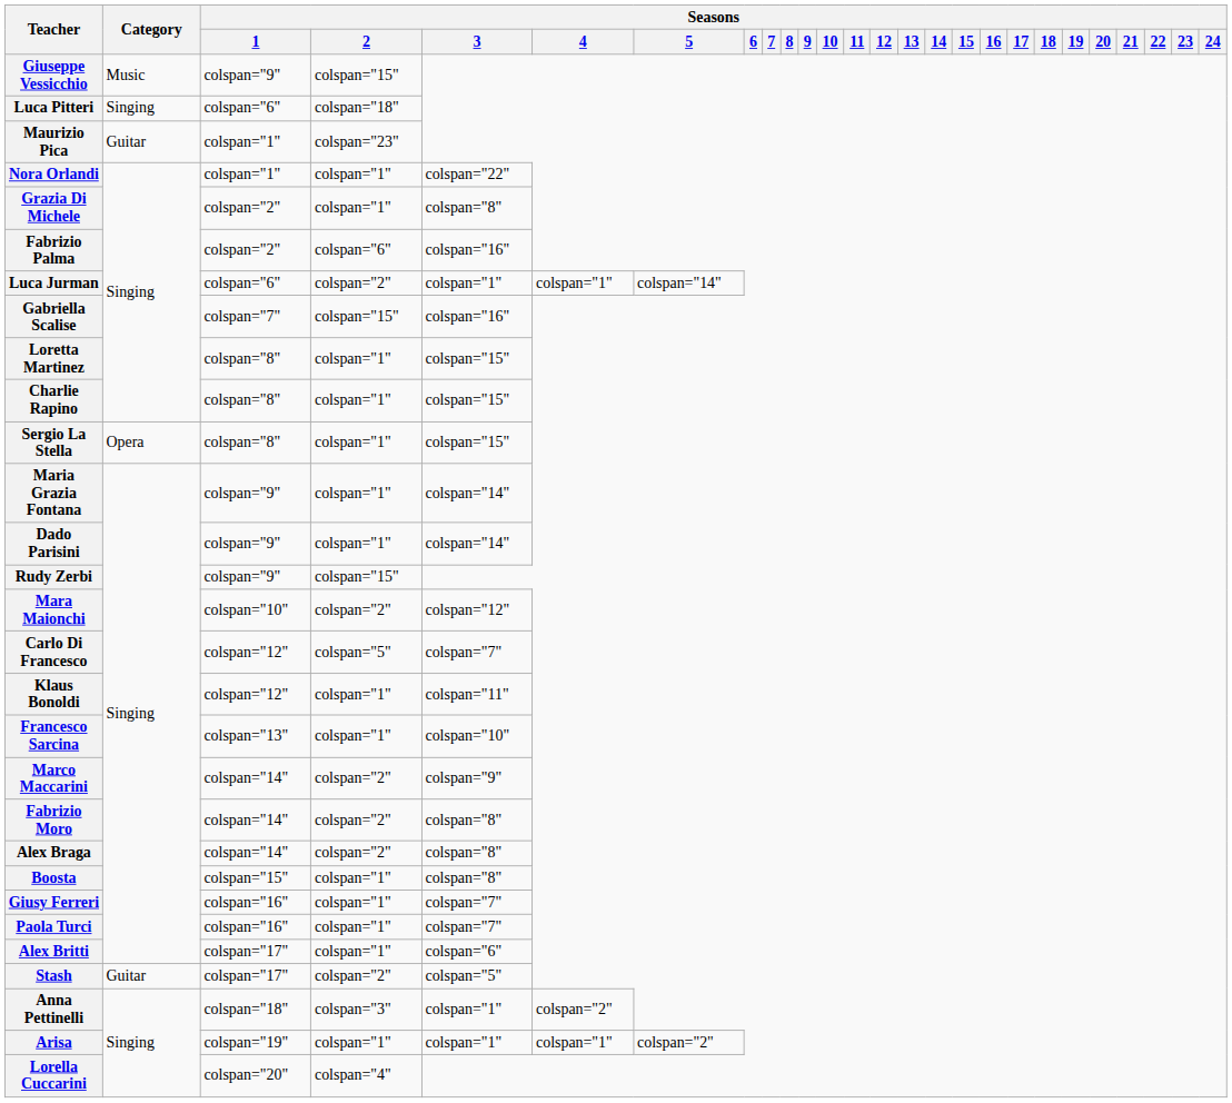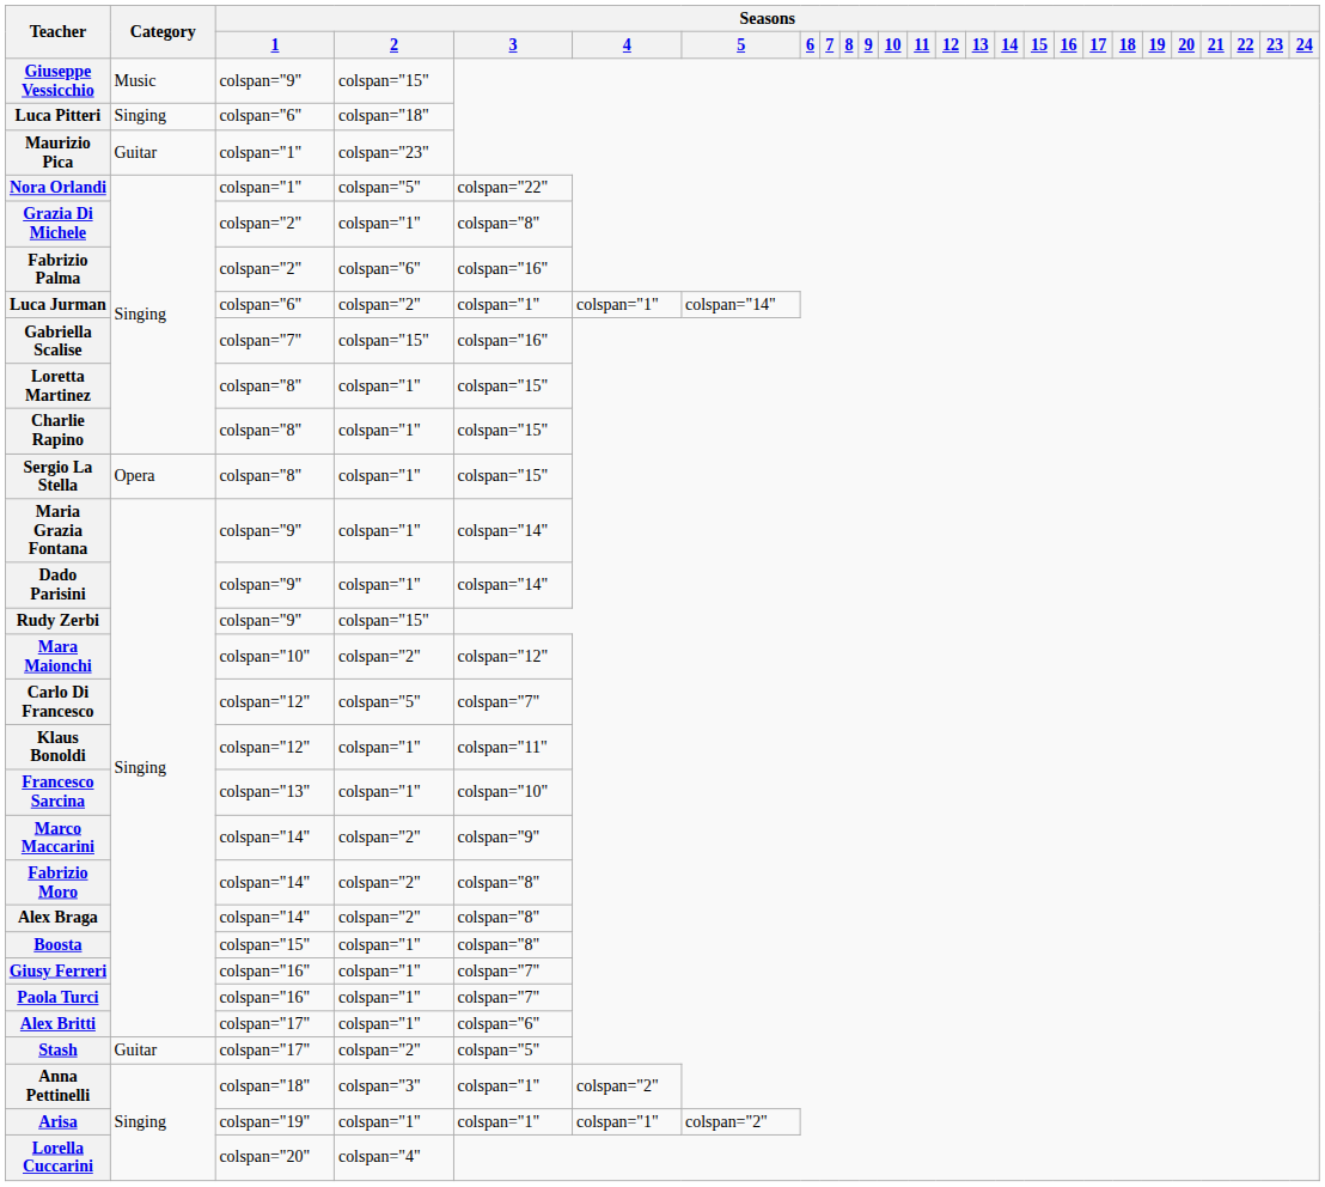 <table class="wikitable plainrowheaders collapsible mw-collapsible nowrap" style="width:100%" style="text-align:center">
 <tr>
 <th rowspan="2" style="width:08%">Teacher</th>
 <th rowspan="2" style="width:08%">Category</th>
 <th colspan="24">Seasons</th>
 </tr>
 <tr>
 <th><a href='#'>1</a></th>
 <th><a href='#'>2</a></th>
 <th><a href='#'>3</a></th>
 <th><a href='#'>4</a></th>
 <th><a href='#'>5</a></th>
 <th><a href='#'>6</a></th>
 <th><a href='#'>7</a></th>
 <th><a href='#'>8</a></th>
 <th><a href='#'>9</a></th>
 <th><a href='#'>10</a></th>
 <th><a href='#'>11</a></th>
 <th><a href='#'>12</a></th>
 <th><a href='#'>13</a></th>
 <th><a href='#'>14</a></th>
 <th><a href='#'>15</a></th>
 <th><a href='#'>16</a></th>
 <th><a href='#'>17</a></th>
 <th><a href='#'>18</a></th>
 <th><a href='#'>19</a></th>
 <th><a href='#'>20</a></th>
 <th><a href='#'>21</a></th>
 <th><a href='#'>22</a></th>
 <th><a href='#'>23</a></th>
 <th><a href='#'>24</a></th>
 </tr>
 <tr>
 <th scope=row><a href='#'>Giuseppe Vessicchio</a></th>
 <td>Music</td>
 <td>colspan="9" </td>
 <td>colspan="15" </td>
 </tr>
 <tr>
 <th scope=row>Luca Pitteri</th>
 <td>Singing</td>
 <td>colspan="6" </td>
 <td>colspan="18" </td>
 </tr>
 <tr>
 <th scope=row>Maurizio Pica</th>
 <td>Guitar</td>
 <td>colspan="1" </td>
 <td>colspan="23" </td>
 </tr>
 <tr>
 <th scope=row><a href='#'>Nora Orlandi</a></th>
 <td rowspan=7>Singing</td>
 <td>colspan="1" </td>
-<td>colspan="1" </td>
+<td>colspan="5" </td>
 <td>colspan="22" </td>
 </tr>
 <tr>
 <th scope=row><a href='#'>Grazia Di Michele</a></th>
 <td>colspan="2" </td>
 <td>colspan="1" </td>
 <td>colspan="8" </td>
 </tr>
 <tr>
 <th scope=row>Fabrizio Palma</th>
 <td>colspan="2" </td>
 <td>colspan="6" </td>
 <td>colspan="16" </td>
 </tr>
 <tr>
 <th scope=row>Luca Jurman</th>
 <td>colspan="6" </td>
 <td>colspan="2" </td>
 <td>colspan="1" </td>
 <td>colspan="1" </td>
 <td>colspan="14" </td>
 </tr>
 <tr>
 <th scope=row>Gabriella Scalise</th>
 <td>colspan="7" </td>
 <td>colspan="15" </td>
 <td>colspan="16" </td>
 </tr>
 <tr>
 <th scope=row>Loretta Martinez</th>
 <td>colspan="8" </td>
 <td>colspan="1" </td>
 <td>colspan="15" </td>
 </tr>
 <tr>
 <th scope=row>Charlie Rapino</th>
 <td>colspan="8" </td>
 <td>colspan="1" </td>
 <td>colspan="15" </td>
 </tr>
 <tr>
 <th scope=row>Sergio La Stella</th>
 <td>Opera</td>
 <td>colspan="8" </td>
 <td>colspan="1" </td>
 <td>colspan="15" </td>
 </tr>
 <tr>
 <th scope=row>Maria Grazia Fontana</th>
 <td rowspan=14>Singing</td>
 <td>colspan="9" </td>
 <td>colspan="1" </td>
 <td>colspan="14" </td>
 </tr>
 <tr>
 <th scope=row>Dado Parisini</th>
 <td>colspan="9" </td>
 <td>colspan="1" </td>
 <td>colspan="14" </td>
 </tr>
 <tr>
 <th scope=row>Rudy Zerbi</th>
 <td>colspan="9" </td>
 <td>colspan="15" </td>
 </tr>
 <tr>
 <th scope=row><a href='#'>Mara Maionchi</a></th>
 <td>colspan="10" </td>
 <td>colspan="2" </td>
 <td>colspan="12" </td>
 </tr>
 <tr>
 <th scope=row>Carlo Di Francesco</th>
 <td>colspan="12" </td>
 <td>colspan="5" </td>
 <td>colspan="7" </td>
 </tr>
 <tr>
 <th scope=row>Klaus Bonoldi</th>
 <td>colspan="12" </td>
 <td>colspan="1" </td>
 <td>colspan="11" </td>
 </tr>
 <tr>
 <th scope=row><a href='#'>Francesco Sarcina</a></th>
 <td>colspan="13" </td>
 <td>colspan="1" </td>
 <td>colspan="10" </td>
 </tr>
 <tr>
 <th scope=row><a href='#'>Marco Maccarini</a></th>
 <td>colspan="14" </td>
 <td>colspan="2" </td>
 <td>colspan="9" </td>
 </tr>
 <tr>
 <th scope=row><a href='#'>Fabrizio Moro</a></th>
 <td>colspan="14" </td>
 <td>colspan="2" </td>
 <td>colspan="8" </td>
 </tr>
 <tr>
 <th scope=row>Alex Braga</th>
 <td>colspan="14" </td>
 <td>colspan="2" </td>
 <td>colspan="8" </td>
 </tr>
 <tr>
 <th scope=row><a href='#'>Boosta</a></th>
 <td>colspan="15" </td>
 <td>colspan="1" </td>
 <td>colspan="8" </td>
 </tr>
 <tr>
 <th scope=row><a href='#'>Giusy Ferreri</a></th>
 <td>colspan="16" </td>
 <td>colspan="1" </td>
 <td>colspan="7" </td>
 </tr>
 <tr>
 <th scope=row><a href='#'>Paola Turci</a></th>
 <td>colspan="16" </td>
 <td>colspan="1" </td>
 <td>colspan="7" </td>
 </tr>
 <tr>
 <th scope=row><a href='#'>Alex Britti</a></th>
 <td>colspan="17" </td>
 <td>colspan="1" </td>
 <td>colspan="6" </td>
 </tr>
 <tr>
 <th scope=row><a href='#'>Stash</a></th>
 <td>Guitar</td>
 <td>colspan="17" </td>
 <td>colspan="2" </td>
 <td>colspan="5" </td>
 </tr>
 <tr>
 <th scope=row>Anna Pettinelli</th>
 <td rowspan=3>Singing</td>
 <td>colspan="18" </td>
 <td>colspan="3" </td>
 <td>colspan="1" </td>
 <td>colspan="2" </td>
 </tr>
 <tr>
 <th scope="row"><a href='#'>Arisa</a></th>
 <td>colspan="19" </td>
 <td>colspan="1" </td>
 <td>colspan="1" </td>
 <td>colspan="1" </td>
 <td>colspan="2" </td>
 </tr>
 <tr>
 <th scope=row><a href='#'>Lorella Cuccarini</a></th>
 <td>colspan="20" </td>
 <td>colspan="4" </td>
 </tr>
 </table>
